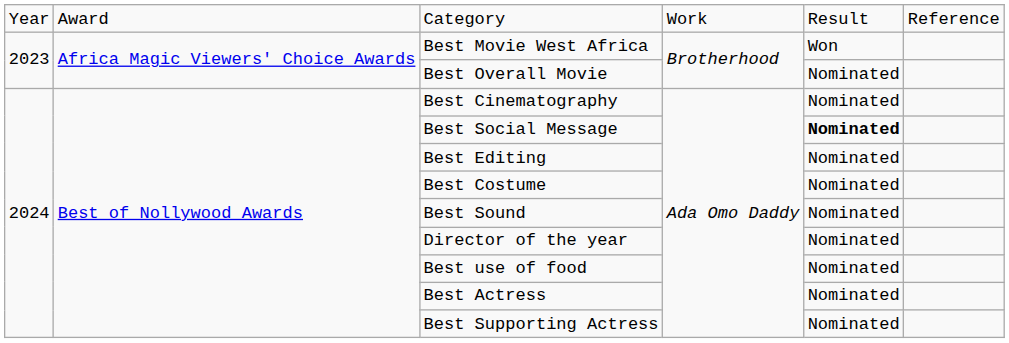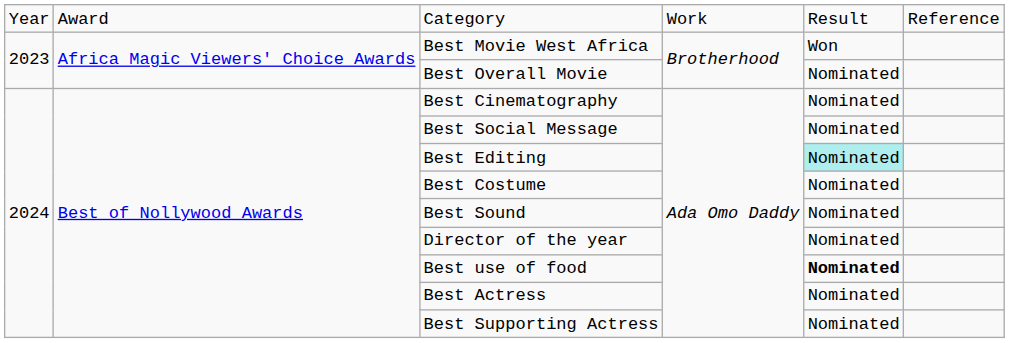 <table class="wikitable">
 <tr>
 <td>Year</td>
 <td>Award</td>
 <td>Category</td>
 <td>Work</td>
 <td>Result</td>
 <td>Reference</td>
 </tr>
 <tr>
 <td rowspan="2">2023</td>
 <td rowspan="2"><a href='#'>Africa Magic Viewers' Choice Awards</a></td>
 <td>Best Movie  West Africa</td>
 <td rowspan="2"><em>Brotherhood</em></td>
 <td>Won</td>
 <td></td>
 </tr>
 <tr>
 <td>Best Overall  Movie</td>
 <td>Nominated</td>
 <td></td>
 </tr>
 <tr>
 <td rowspan="9">2024</td>
 <td rowspan="9"><a href='#'>Best of Nollywood Awards</a></td>
 <td>Best  Cinematography</td>
 <td rowspan="9"><em>Ada Omo Daddy</em></td>
 <td>Nominated</td>
 <td></td>
 </tr>
 <tr>
 <td>Best Social  Message</td>
-<td><strong>Nominated</strong></td>
+<td>Nominated</td>
 <td></td>
 </tr>
 <tr>
 <td>Best Editing</td>
-<td>Nominated</td>
+<td style="background: paleturquoise;">Nominated</td>
 <td></td>
 </tr>
 <tr>
 <td>Best Costume</td>
 <td>Nominated</td>
 <td></td>
 </tr>
 <tr>
 <td>Best Sound</td>
 <td>Nominated</td>
 <td></td>
 </tr>
 <tr>
 <td>Director of  the year</td>
 <td>Nominated</td>
 <td></td>
 </tr>
 <tr>
 <td>Best use of  food</td>
-<td>Nominated</td>
+<td><strong>Nominated</strong></td>
 <td></td>
 </tr>
 <tr>
 <td>Best Actress</td>
 <td>Nominated</td>
 <td></td>
 </tr>
 <tr>
 <td>Best  Supporting Actress</td>
 <td>Nominated</td>
 <td></td>
 </tr>
 </table>
